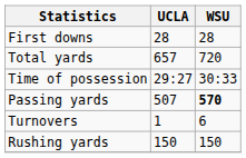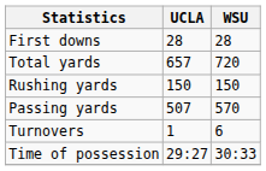 <table class="wikitable" style="float: left;">
 <tr>
 <th>Statistics</th>
 <th>UCLA</th>
 <th>WSU</th>
 </tr>
 <tr>
 <td>First downs</td>
 <td>28</td>
 <td>28</td>
 </tr>
 <tr>
 <td>Total yards</td>
 <td>657</td>
 <td>720</td>
 </tr>
 <tr>
-<td>Time of possession</td>
-<td>29:27</td>
-<td>30:33</td>
+<td>Rushing yards</td>
+<td>150</td>
+<td>150</td>
 </tr>
 <tr>
 <td>Passing yards</td>
 <td>507</td>
-<td><strong>570</strong></td>
+<td>570</td>
 </tr>
 <tr>
 <td>Turnovers</td>
 <td>1</td>
 <td>6</td>
 </tr>
 <tr>
-<td>Rushing yards</td>
-<td>150</td>
-<td>150</td>
+<td>Time of possession</td>
+<td>29:27</td>
+<td>30:33</td>
 </tr>
 <tr>
 </tr>
 </table>
